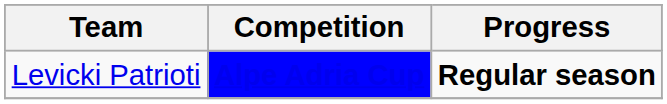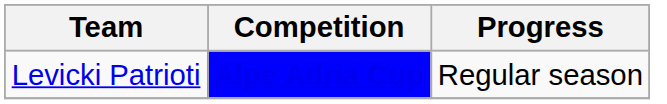 <table class="wikitable sortable">
 <tr>
 <th>Team</th>
 <th>Competition</th>
 <th>Progress</th>
 </tr>
 <tr>
 <td><a href='#'>Levicki Patrioti</a></td>
 <td align="center" style="background:blue;"><a href='#'><span><strong>Alpe Adria Cup</strong></span></a></td>
-<td><strong>Regular season</strong></td>
+<td>Regular season</td>
 </tr>
 <tr>
 </tr>
 </table>
